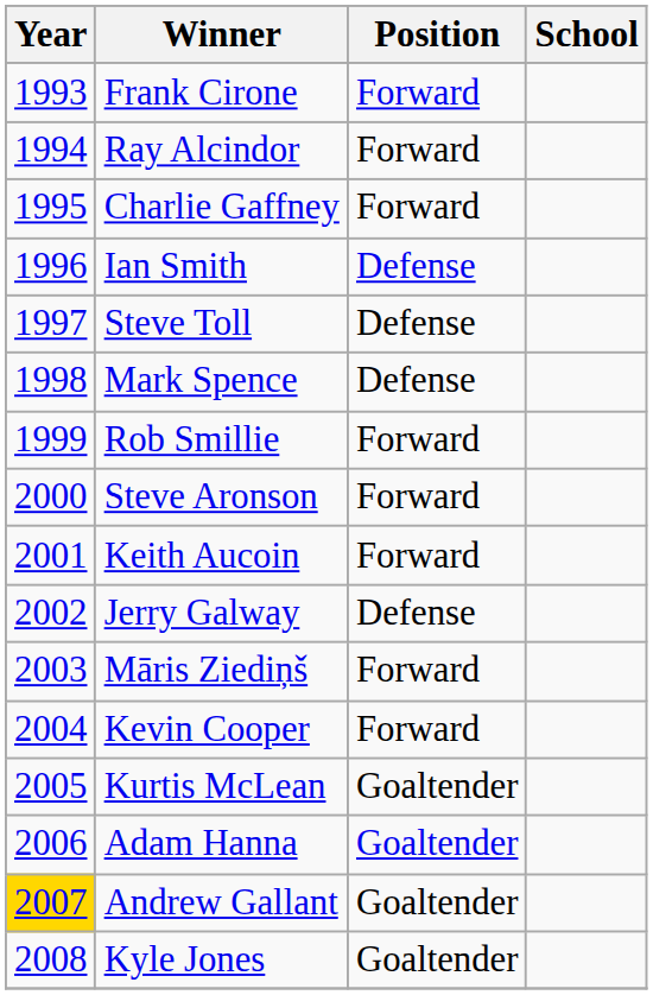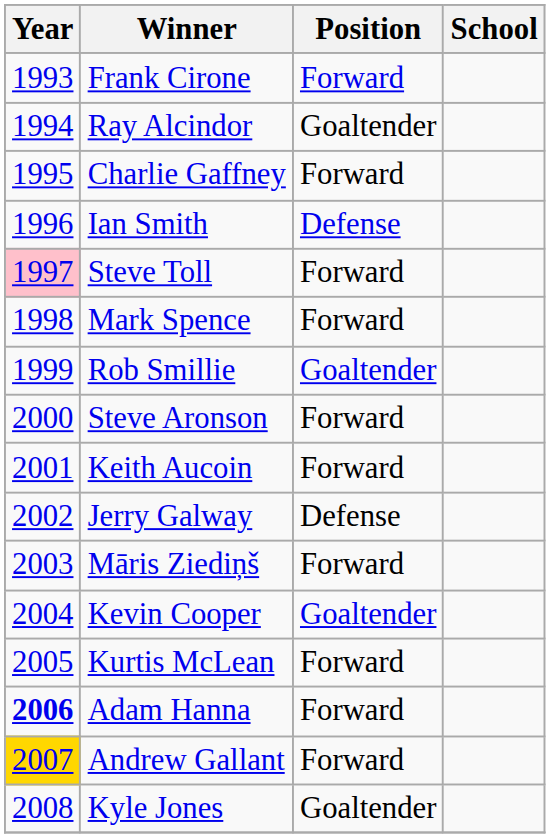 <table class="wikitable sortable">
 <tr style="background:#e5e5e5;">
 <th>Year</th>
 <th>Winner</th>
 <th>Position</th>
 <th>School</th>
 </tr>
 <tr>
 <td><a href='#'>1993</a></td>
 <td><a href='#'>Frank Cirone</a></td>
 <td><a href='#'>Forward</a></td>
 <td><strong><a href='#'></a></strong></td>
 </tr>
 <tr>
 <td><a href='#'>1994</a></td>
 <td><a href='#'>Ray Alcindor</a></td>
-<td>Forward</td>
+<td>Goaltender</td>
 <td><strong><a href='#'></a></strong></td>
 </tr>
 <tr>
 <td><a href='#'>1995</a></td>
 <td><a href='#'>Charlie Gaffney</a></td>
 <td>Forward</td>
 <td><strong><a href='#'></a></strong></td>
 </tr>
 <tr>
 <td><a href='#'>1996</a></td>
 <td><a href='#'>Ian Smith</a></td>
 <td><a href='#'>Defense</a></td>
 <td><strong><a href='#'></a></strong></td>
 </tr>
 <tr>
-<td><a href='#'>1997</a></td>
+<td style="background: pink;"><a href='#'>1997</a></td>
 <td><a href='#'>Steve Toll</a></td>
-<td>Defense</td>
+<td>Forward</td>
 <td><strong><a href='#'></a></strong></td>
 </tr>
 <tr>
 <td><a href='#'>1998</a></td>
 <td><a href='#'>Mark Spence</a></td>
-<td>Defense</td>
+<td>Forward</td>
 <td><strong><a href='#'></a></strong></td>
 </tr>
 <tr>
 <td><a href='#'>1999</a></td>
 <td><a href='#'>Rob Smillie</a></td>
-<td>Forward</td>
+<td><a href='#'>Goaltender</a></td>
 <td><strong><a href='#'></a></strong></td>
 </tr>
 <tr>
 <td><a href='#'>2000</a></td>
 <td><a href='#'>Steve Aronson</a></td>
 <td>Forward</td>
 <td><strong><a href='#'></a></strong></td>
 </tr>
 <tr>
 <td><a href='#'>2001</a></td>
 <td><a href='#'>Keith Aucoin</a></td>
 <td>Forward</td>
 <td><strong><a href='#'></a></strong></td>
 </tr>
 <tr>
 <td><a href='#'>2002</a></td>
 <td><a href='#'>Jerry Galway</a></td>
 <td>Defense</td>
 <td><strong><a href='#'></a></strong></td>
 </tr>
 <tr>
 <td><a href='#'>2003</a></td>
 <td><a href='#'>Māris Ziediņš</a></td>
 <td>Forward</td>
 <td><strong><a href='#'></a></strong></td>
 </tr>
 <tr>
 <td><a href='#'>2004</a></td>
 <td><a href='#'>Kevin Cooper</a></td>
-<td>Forward</td>
+<td><a href='#'>Goaltender</a></td>
 <td><strong><a href='#'></a></strong></td>
 </tr>
 <tr>
 <td><a href='#'>2005</a></td>
 <td><a href='#'>Kurtis McLean</a></td>
-<td>Goaltender</td>
+<td>Forward</td>
 <td><strong><a href='#'></a></strong></td>
 </tr>
 <tr>
-<td><a href='#'>2006</a></td>
+<td><strong><a href='#'>2006</a></strong></td>
 <td><a href='#'>Adam Hanna</a></td>
-<td><a href='#'>Goaltender</a></td>
+<td>Forward</td>
 <td><strong><a href='#'></a></strong></td>
 </tr>
 <tr>
 <td style="background: gold;"><a href='#'>2007</a></td>
 <td><a href='#'>Andrew Gallant</a></td>
-<td>Goaltender</td>
+<td>Forward</td>
 <td><strong><a href='#'></a></strong></td>
 </tr>
 <tr>
 <td><a href='#'>2008</a></td>
 <td><a href='#'>Kyle Jones</a></td>
 <td>Goaltender</td>
 <td><strong><a href='#'></a></strong></td>
 </tr>
 <tr>
 </tr>
 </table>
